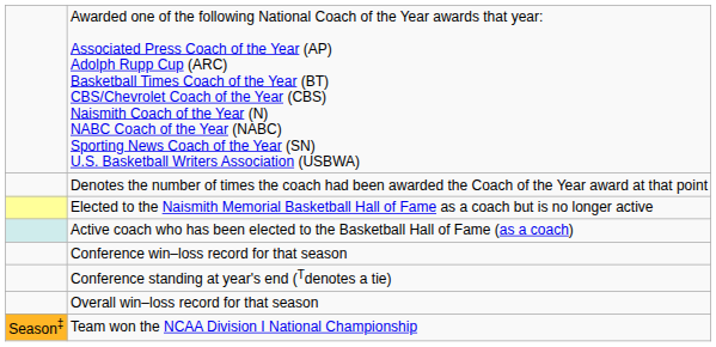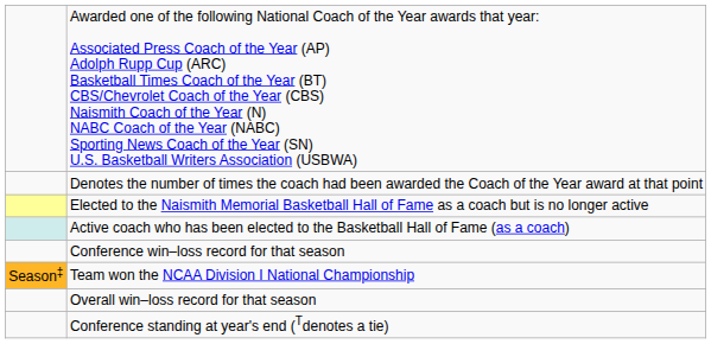 <table class="wikitable">
 <tr>
 <td></td>
 <td>Awarded one of the following National Coach of the Year awards that year:<br><br><a href='#'>Associated Press Coach of the Year</a> (AP)<br> <a href='#'>Adolph Rupp Cup</a> (ARC)<br> <a href='#'>Basketball Times Coach of the Year</a> (BT)<br> <a href='#'>CBS/Chevrolet Coach of the Year</a> (CBS)<br> <a href='#'>Naismith Coach of the Year</a> (N)<br> <a href='#'>NABC Coach of the Year</a> (NABC)<br> <a href='#'>Sporting News Coach of the Year</a> (SN)<br> <a href='#'>U.S. Basketball Writers Association</a> (USBWA)</td>
 </tr>
 <tr>
 <td></td>
 <td>Denotes the number of times the coach had been awarded the Coach of the Year award at that point</td>
 </tr>
 <tr>
 <td style="background:#ff9; width:3em;"></td>
 <td>Elected to the <a href='#'>Naismith Memorial Basketball Hall of Fame</a> as a coach but is no longer active</td>
 </tr>
 <tr>
 <td style="background:#cfecec; width:3em;"></td>
 <td>Active coach who has been elected to the Basketball Hall of Fame (<a href='#'>as a coach</a>)</td>
 </tr>
 <tr>
 <td></td>
 <td>Conference win–loss record for that season</td>
 </tr>
 <tr>
-<td></td>
-<td>Conference standing at year's end (<sup>T</sup>denotes a tie)</td>
+<td style="background:#ffb626; width:3em;">Season<sup>‡</sup></td>
+<td>Team won the <a href='#'>NCAA Division I National Championship</a></td>
 </tr>
 <tr>
 <td></td>
 <td>Overall win–loss record for that season</td>
 </tr>
 <tr>
-<td style="background:#ffb626; width:3em;">Season<sup>‡</sup></td>
-<td>Team won the <a href='#'>NCAA Division I National Championship</a></td>
+<td></td>
+<td>Conference standing at year's end (<sup>T</sup>denotes a tie)</td>
 </tr>
 </table>
